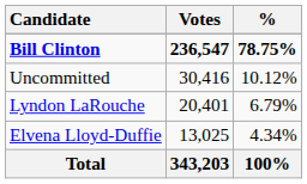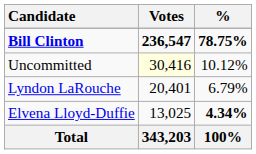 <table class="wikitable sortable plainrowheaders" style="text-align:right;">
 <tr>
 <th style="text-align:left;">Candidate</th>
 <th>Votes</th>
 <th>%</th>
 </tr>
 <tr>
 </tr>
 <tr>
 <td style="text-align:left;"><strong><a href='#'>Bill Clinton</a></strong></td>
 <td><strong>236,547 </strong></td>
 <td><strong>78.75%</strong></td>
 </tr>
 <tr>
 <td style="text-align:left;">Uncommitted</td>
-<td>30,416</td>
+<td style="background: lightyellow;">30,416</td>
 <td>10.12%</td>
 </tr>
 <tr>
 <td style="text-align:left;"><a href='#'>Lyndon LaRouche</a></td>
 <td>20,401</td>
 <td>6.79%</td>
 </tr>
 <tr>
 <td style="text-align:left;"><a href='#'>Elvena Lloyd-Duffie</a></td>
 <td>13,025</td>
-<td>4.34%</td>
+<td><strong>4.34%</strong></td>
 </tr>
 <tr class="sortbottom">
 <th>Total</th>
 <th>343,203</th>
 <th>100%</th>
 </tr>
 </table>
